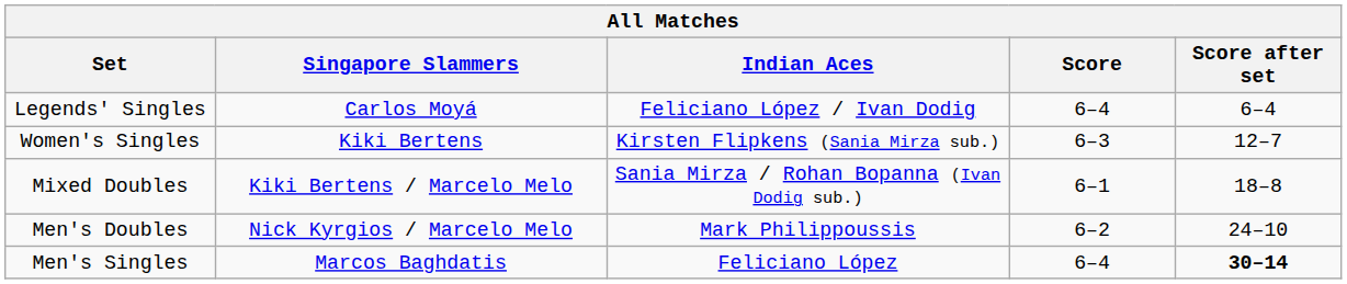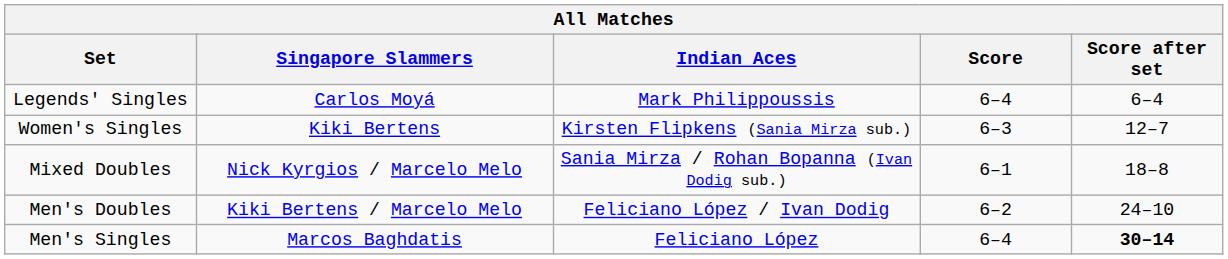 <table class="wikitable collapsible collapsed" style="text-align: center">
 <tr>
 <th colspan="5">All Matches</th>
 </tr>
 <tr>
 <th width=150>Set</th>
 <th width=300><a href='#'>Singapore Slammers</a></th>
 <th width=300><a href='#'>Indian Aces</a></th>
 <th width=120>Score</th>
 <th width=120>Score after set</th>
 </tr>
 <tr>
 <td>Legends' Singles</td>
 <td><a href='#'>Carlos Moyá</a></td>
-<td><a href='#'>Feliciano López</a> / <a href='#'>Ivan Dodig</a></td>
+<td><a href='#'>Mark Philippoussis</a></td>
 <td>6–4</td>
 <td>6–4</td>
 </tr>
 <tr>
 <td>Women's Singles</td>
 <td><a href='#'>Kiki Bertens</a></td>
 <td><a href='#'>Kirsten Flipkens</a> <small>(<a href='#'>Sania Mirza</a> sub.)</small></td>
 <td>6–3</td>
 <td>12–7</td>
 </tr>
 <tr>
 <td>Mixed Doubles</td>
-<td><a href='#'>Kiki Bertens</a> / <a href='#'>Marcelo Melo</a></td>
+<td><a href='#'>Nick Kyrgios</a> / <a href='#'>Marcelo Melo</a></td>
 <td><a href='#'>Sania Mirza</a> / <a href='#'>Rohan Bopanna</a> <small>(<a href='#'>Ivan Dodig</a> sub.)</small></td>
 <td>6–1</td>
 <td>18–8</td>
 </tr>
 <tr>
 <td>Men's Doubles</td>
-<td><a href='#'>Nick Kyrgios</a> / <a href='#'>Marcelo Melo</a></td>
-<td><a href='#'>Mark Philippoussis</a></td>
+<td><a href='#'>Kiki Bertens</a> / <a href='#'>Marcelo Melo</a></td>
+<td><a href='#'>Feliciano López</a> / <a href='#'>Ivan Dodig</a></td>
 <td>6–2</td>
 <td>24–10</td>
 </tr>
 <tr>
 <td>Men's Singles</td>
 <td><a href='#'>Marcos Baghdatis</a></td>
 <td><a href='#'>Feliciano López</a></td>
 <td>6–4</td>
 <td><strong>30–14</strong></td>
 </tr>
 </table>
